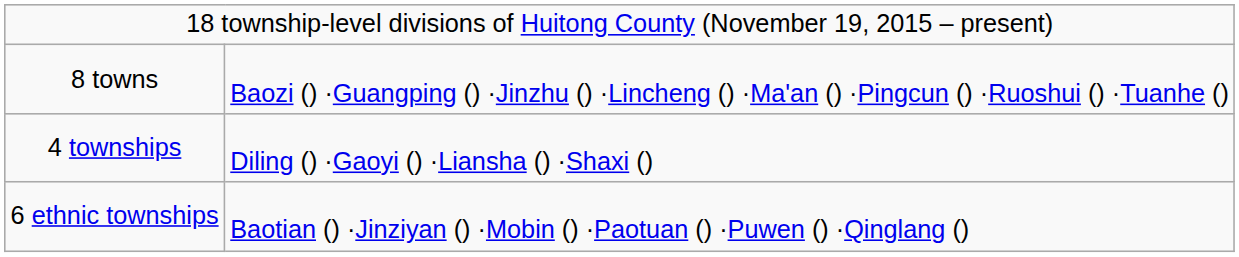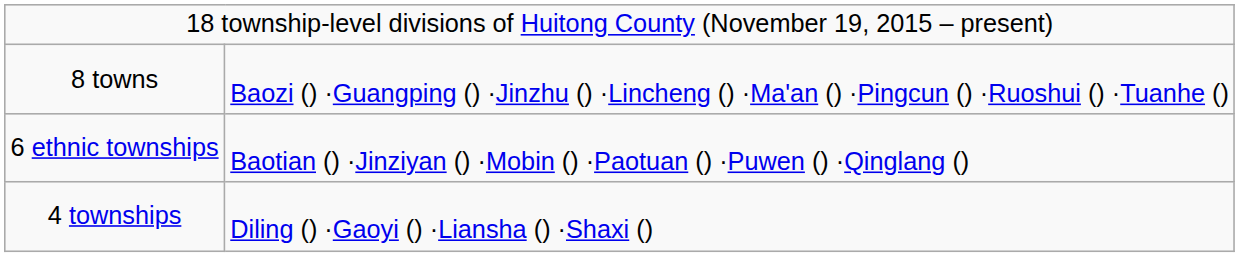 <table class="wikitable">
 <tr>
 <td style="text-align:center;" colspan="2">18 township-level divisions of <a href='#'>Huitong County</a> (November 19, 2015 – present)</td>
 </tr>
 <tr align=left>
 <td align=center>8 towns</td>
 <td><br><a href='#'>Baozi</a> () ·<a href='#'>Guangping</a> () ·<a href='#'>Jinzhu</a> () ·<a href='#'>Lincheng</a> () ·<a href='#'>Ma'an</a> () ·<a href='#'>Pingcun</a> () ·<a href='#'>Ruoshui</a> () ·<a href='#'>Tuanhe</a> ()</td>
 </tr>
 <tr align=left>
+<td align=center>6 <a href='#'>ethnic townships</a></td>
+<td><br><a href='#'>Baotian</a> () ·<a href='#'>Jinziyan</a> () ·<a href='#'>Mobin</a> () ·<a href='#'>Paotuan</a> () ·<a href='#'>Puwen</a> () ·<a href='#'>Qinglang</a> ()</td>
+</tr>
+<tr align=left>
 <td align=center>4 <a href='#'>townships</a></td>
 <td><br><a href='#'>Diling</a> () ·<a href='#'>Gaoyi</a> () ·<a href='#'>Liansha</a> () ·<a href='#'>Shaxi</a> ()</td>
 </tr>
-<tr align=left>
-<td align=center>6 <a href='#'>ethnic townships</a></td>
-<td><br><a href='#'>Baotian</a> () ·<a href='#'>Jinziyan</a> () ·<a href='#'>Mobin</a> () ·<a href='#'>Paotuan</a> () ·<a href='#'>Puwen</a> () ·<a href='#'>Qinglang</a> ()</td>
-</tr>
 </table>
